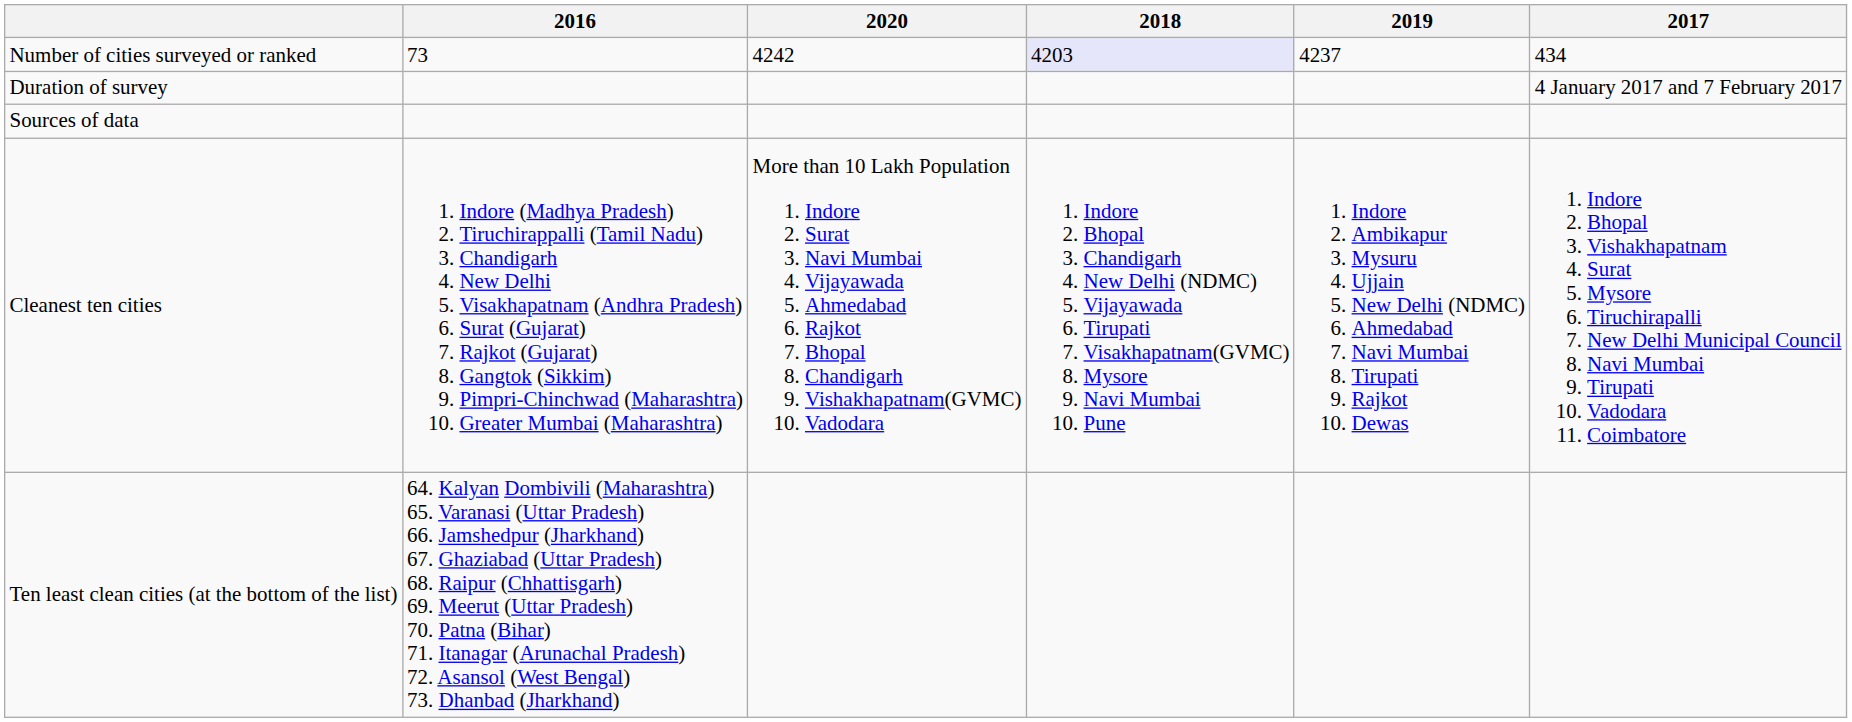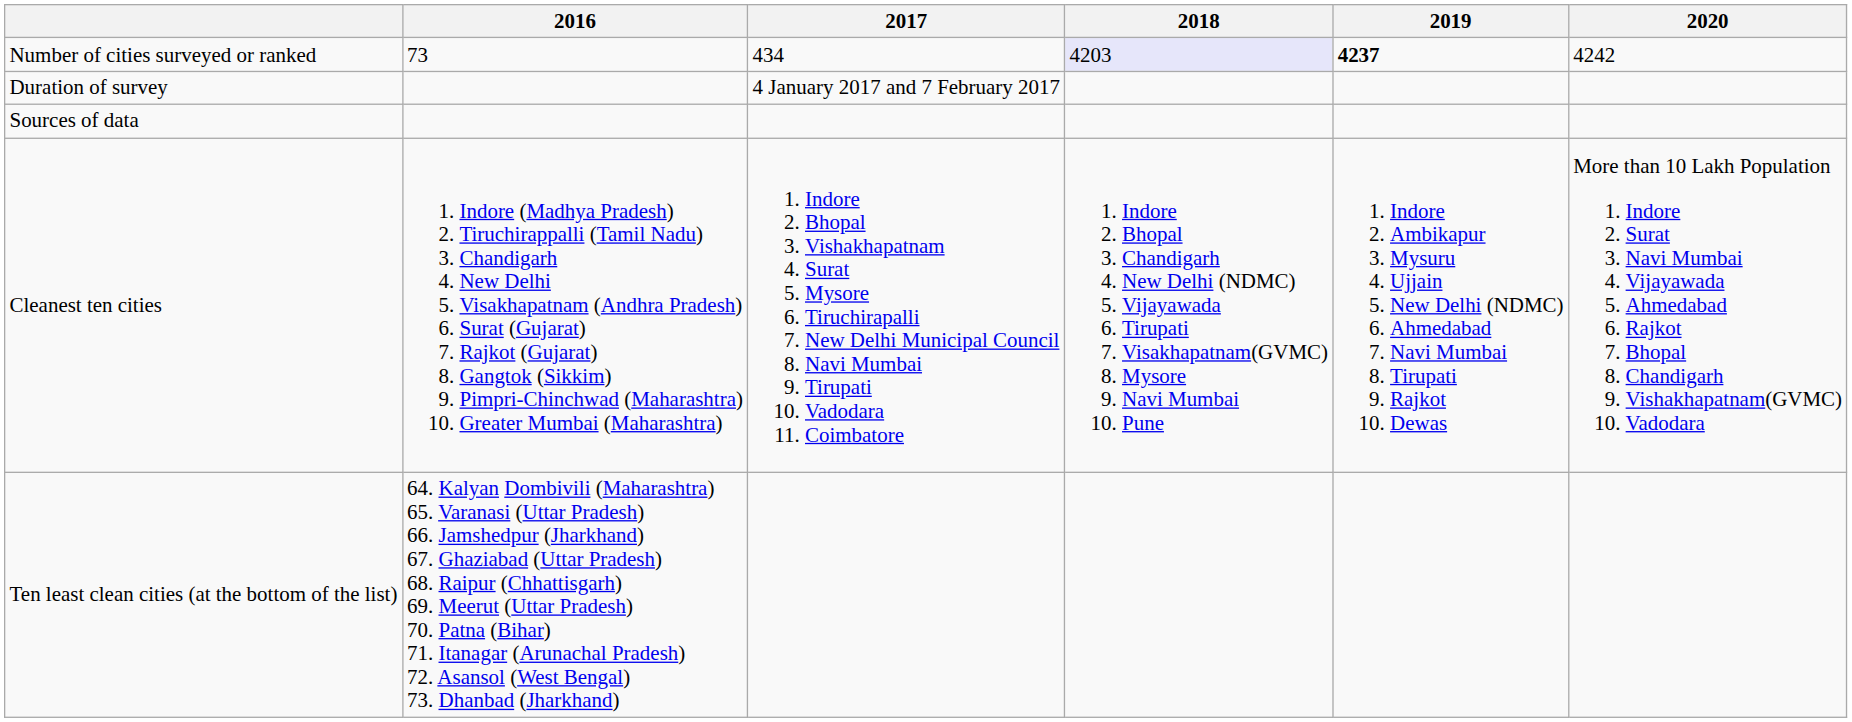 <table class="wikitable">
 <tr>
 <th></th>
 <th>2016</th>
-<th>2020</th>
+<th>2017</th>
 <th>2018</th>
 <th>2019</th>
-<th>2017</th>
+<th>2020</th>
 </tr>
 <tr>
 <td>Number of cities surveyed or ranked</td>
 <td>73</td>
+<td>434</td>
+<td style="background: lavender;">4203</td>
+<td><strong>4237</strong></td>
 <td>4242</td>
-<td style="background: lavender;">4203</td>
-<td>4237</td>
-<td>434</td>
 </tr>
 <tr>
 <td>Duration of survey</td>
 <td></td>
+<td>4 January 2017 and 7 February 2017</td>
 <td></td>
 <td></td>
 <td></td>
-<td>4 January 2017 and 7 February 2017</td>
 </tr>
 <tr>
 <td>Sources of data</td>
 <td></td>
 <td></td>
 <td></td>
 <td></td>
 <td></td>
 </tr>
 <tr>
 <td>Cleanest ten cities</td>
 <td><br><ol><li><a href='#'>Indore</a> (<a href='#'>Madhya Pradesh</a>)</li><li><a href='#'>Tiruchirappalli</a> (<a href='#'>Tamil Nadu</a>)</li><li><a href='#'>Chandigarh</a></li><li><a href='#'>New Delhi</a></li><li><a href='#'>Visakhapatnam</a> (<a href='#'>Andhra Pradesh</a>)</li><li><a href='#'>Surat</a> (<a href='#'>Gujarat</a>)</li><li><a href='#'>Rajkot</a> (<a href='#'>Gujarat</a>)</li><li><a href='#'>Gangtok</a> (<a href='#'>Sikkim</a>)</li><li><a href='#'>Pimpri-Chinchwad</a> (<a href='#'>Maharashtra</a>)</li><li><a href='#'>Greater Mumbai</a> (<a href='#'>Maharashtra</a>)</li></ol></td>
-<td>More than 10 Lakh Population<br><ol><li><a href='#'>Indore</a></li><li><a href='#'>Surat</a></li><li><a href='#'>Navi Mumbai</a></li><li><a href='#'>Vijayawada</a></li><li><a href='#'>Ahmedabad</a></li><li><a href='#'>Rajkot</a></li><li><a href='#'>Bhopal</a></li><li><a href='#'>Chandigarh</a></li><li><a href='#'>Vishakhapatnam</a>(GVMC)</li><li><a href='#'>Vadodara</a></li></ol></td>
+<td><br><ol><li><a href='#'>Indore</a></li><li><a href='#'>Bhopal</a></li><li><a href='#'>Vishakhapatnam</a></li><li><a href='#'>Surat</a></li><li><a href='#'>Mysore</a></li><li><a href='#'>Tiruchirapalli</a></li><li><a href='#'>New Delhi Municipal Council</a></li><li><a href='#'>Navi Mumbai</a></li><li><a href='#'>Tirupati</a></li><li><a href='#'>Vadodara</a></li><li><a href='#'>Coimbatore</a></li></ol></td>
 <td><br><ol><li><a href='#'>Indore</a></li><li><a href='#'>Bhopal</a></li><li><a href='#'>Chandigarh</a></li><li><a href='#'>New Delhi</a> (NDMC)</li><li><a href='#'>Vijayawada</a></li><li><a href='#'>Tirupati</a></li><li><a href='#'>Visakhapatnam</a>(GVMC)</li><li><a href='#'>Mysore</a></li><li><a href='#'>Navi Mumbai</a></li><li><a href='#'>Pune</a></li></ol></td>
 <td><br><ol><li><a href='#'>Indore</a></li><li><a href='#'>Ambikapur</a></li><li><a href='#'>Mysuru</a></li><li><a href='#'>Ujjain</a></li><li><a href='#'>New Delhi</a> (NDMC)</li><li><a href='#'>Ahmedabad</a></li><li><a href='#'>Navi Mumbai</a></li><li><a href='#'>Tirupati</a></li><li><a href='#'>Rajkot</a></li><li><a href='#'>Dewas</a></li></ol></td>
-<td><br><ol><li><a href='#'>Indore</a></li><li><a href='#'>Bhopal</a></li><li><a href='#'>Vishakhapatnam</a></li><li><a href='#'>Surat</a></li><li><a href='#'>Mysore</a></li><li><a href='#'>Tiruchirapalli</a></li><li><a href='#'>New Delhi Municipal Council</a></li><li><a href='#'>Navi Mumbai</a></li><li><a href='#'>Tirupati</a></li><li><a href='#'>Vadodara</a></li><li><a href='#'>Coimbatore</a></li></ol></td>
+<td>More than 10 Lakh Population<br><ol><li><a href='#'>Indore</a></li><li><a href='#'>Surat</a></li><li><a href='#'>Navi Mumbai</a></li><li><a href='#'>Vijayawada</a></li><li><a href='#'>Ahmedabad</a></li><li><a href='#'>Rajkot</a></li><li><a href='#'>Bhopal</a></li><li><a href='#'>Chandigarh</a></li><li><a href='#'>Vishakhapatnam</a>(GVMC)</li><li><a href='#'>Vadodara</a></li></ol></td>
 </tr>
 <tr>
 <td>Ten least clean cities (at the bottom of the list)</td>
 <td>64. <a href='#'>Kalyan</a> <a href='#'>Dombivili</a> (<a href='#'>Maharashtra</a>)<br>65. <a href='#'>Varanasi</a> (<a href='#'>Uttar Pradesh</a>)<br>66. <a href='#'>Jamshedpur</a> (<a href='#'>Jharkhand</a>)<br>67. <a href='#'>Ghaziabad</a> (<a href='#'>Uttar Pradesh</a>)<br>68. <a href='#'>Raipur</a> (<a href='#'>Chhattisgarh</a>)<br>69. <a href='#'>Meerut</a> (<a href='#'>Uttar Pradesh</a>)<br>70. <a href='#'>Patna</a> (<a href='#'>Bihar</a>)<br>71. <a href='#'>Itanagar</a> (<a href='#'>Arunachal Pradesh</a>)<br>72. <a href='#'>Asansol</a> (<a href='#'>West Bengal</a>)<br>73. <a href='#'>Dhanbad</a> (<a href='#'>Jharkhand</a>)</td>
 <td></td>
 <td></td>
 <td></td>
 <td></td>
 </tr>
 </table>
